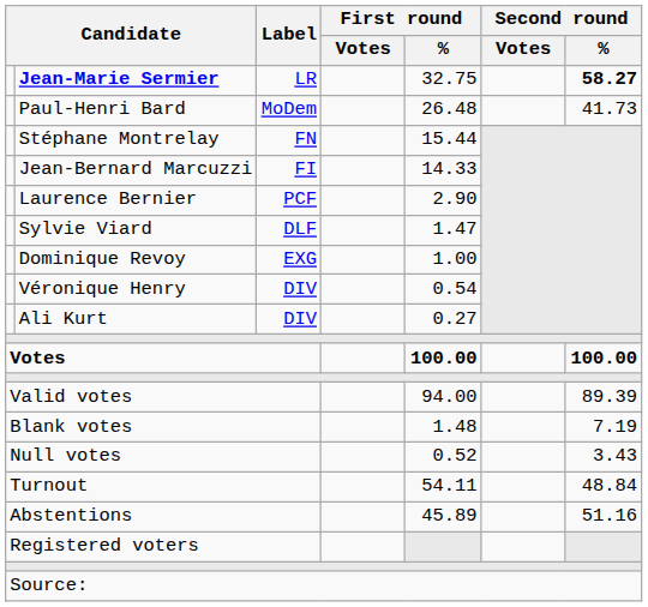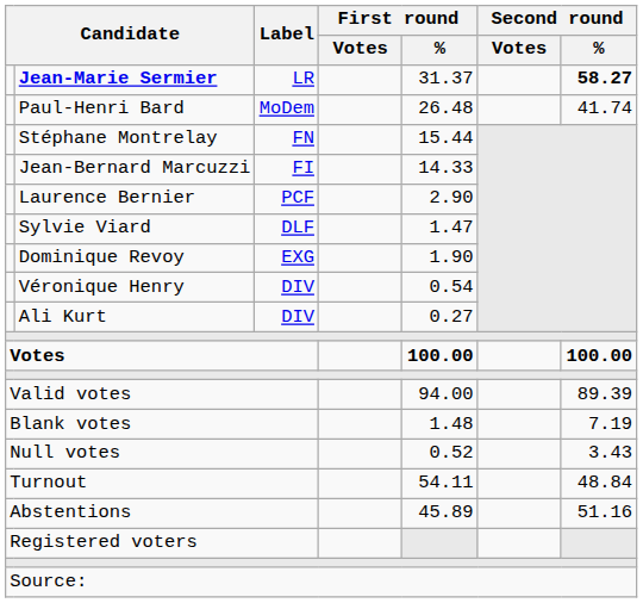 <table class="wikitable" style="text-align:right;font-size:95%;">
 <tr>
 <th rowspan="2" colspan="2">Candidate</th>
 <th rowspan="2">Label</th>
 <th colspan="2">First round</th>
 <th colspan="2">Second round</th>
 </tr>
 <tr>
 <th style="width:50px;">Votes</th>
 <th style="width:45px;">%</th>
 <th style="width:50px;">Votes</th>
 <th style="width:45px;">%</th>
 </tr>
 <tr>
 <td style="color:inherit;background:"></td>
 <td style="text-align:left;"><strong><a href='#'>Jean-Marie Sermier</a></strong></td>
 <td><a href='#'>LR</a></td>
 <td></td>
-<td>32.75</td>
+<td>31.37</td>
 <td><strong></strong></td>
 <td><strong>58.27</strong></td>
 </tr>
 <tr>
 <td style="color:inherit;background:"></td>
 <td style="text-align:left;">Paul-Henri Bard</td>
 <td><a href='#'>MoDem</a></td>
 <td></td>
 <td>26.48</td>
 <td></td>
-<td>41.73</td>
+<td>41.74</td>
 </tr>
 <tr>
 <td style="color:inherit;background:"></td>
 <td style="text-align:left;">Stéphane Montrelay</td>
 <td><a href='#'>FN</a></td>
 <td></td>
 <td>15.44</td>
 <td colspan="2" rowspan="7" style="background:#E9E9E9;"></td>
 </tr>
 <tr>
 <td style="color:inherit;background:"></td>
 <td style="text-align:left;">Jean-Bernard Marcuzzi</td>
 <td><a href='#'>FI</a></td>
 <td></td>
 <td>14.33</td>
 </tr>
 <tr>
 <td style="color:inherit;background:"></td>
 <td style="text-align:left;">Laurence Bernier</td>
 <td><a href='#'>PCF</a></td>
 <td></td>
 <td>2.90</td>
 </tr>
 <tr>
 <td style="color:inherit;background:"></td>
 <td style="text-align:left;">Sylvie Viard</td>
 <td><a href='#'>DLF</a></td>
 <td></td>
 <td>1.47</td>
 </tr>
 <tr>
 <td style="color:inherit;background:"></td>
 <td style="text-align:left;">Dominique Revoy</td>
 <td><a href='#'>EXG</a></td>
 <td></td>
-<td>1.00</td>
+<td>1.90</td>
 </tr>
 <tr>
 <td style="color:inherit;background:"></td>
 <td style="text-align:left;">Véronique Henry</td>
 <td><a href='#'>DIV</a></td>
 <td></td>
 <td>0.54</td>
 </tr>
 <tr>
 <td style="color:inherit;background:"></td>
 <td style="text-align:left;">Ali Kurt</td>
 <td><a href='#'>DIV</a></td>
 <td></td>
 <td>0.27</td>
 </tr>
 <tr>
 <td colspan="7" style="background:#E9E9E9;"></td>
 </tr>
 <tr style="font-weight:bold;">
 <td colspan="3" style="text-align:left;">Votes</td>
 <td></td>
 <td>100.00</td>
 <td></td>
 <td>100.00</td>
 </tr>
 <tr>
 <td colspan="7" style="background:#E9E9E9;"></td>
 </tr>
 <tr>
 <td colspan="3" style="text-align:left;">Valid votes</td>
 <td></td>
 <td>94.00</td>
 <td></td>
 <td>89.39</td>
 </tr>
 <tr>
 <td colspan="3" style="text-align:left;">Blank votes</td>
 <td></td>
 <td>1.48</td>
 <td></td>
 <td>7.19</td>
 </tr>
 <tr>
 <td colspan="3" style="text-align:left;">Null votes</td>
 <td></td>
 <td>0.52</td>
 <td></td>
 <td>3.43</td>
 </tr>
 <tr>
 <td colspan="3" style="text-align:left;">Turnout</td>
 <td></td>
 <td>54.11</td>
 <td></td>
 <td>48.84</td>
 </tr>
 <tr>
 <td colspan="3" style="text-align:left;">Abstentions</td>
 <td></td>
 <td>45.89</td>
 <td></td>
 <td>51.16</td>
 </tr>
 <tr>
 <td colspan="3" style="text-align:left;">Registered voters</td>
 <td></td>
 <td style="color:inherit;background:#E9E9E9;"></td>
 <td></td>
 <td style="color:inherit;background:#E9E9E9;"></td>
 </tr>
 <tr>
 <td colspan="7" style="background:#E9E9E9;"></td>
 </tr>
 <tr>
 <td colspan="7" style="text-align:left;">Source: </td>
 </tr>
 </table>
